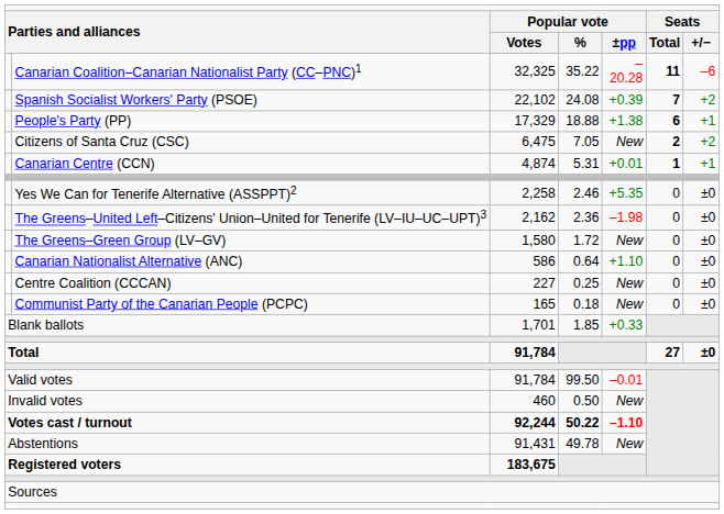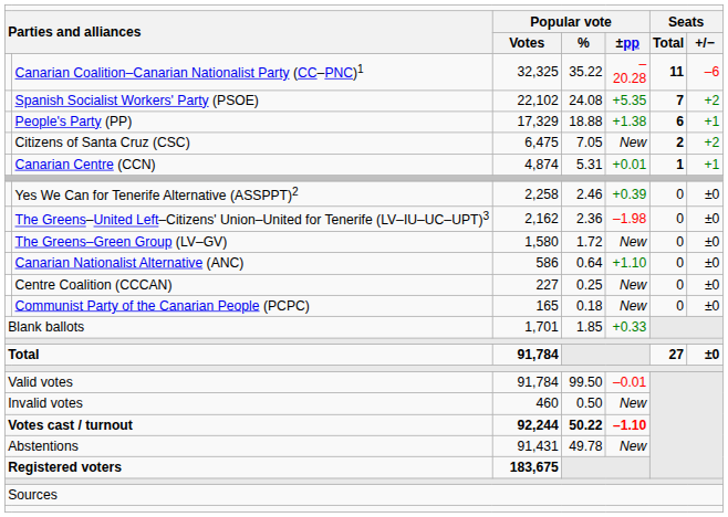 <table class="wikitable" style="text-align:right;">
 <tr>
 <td colspan="7"></td>
 </tr>
 <tr>
 <th style="text-align:left;" rowspan="2" colspan="2" width="525">Parties and alliances</th>
 <th colspan="3">Popular vote</th>
 <th colspan="2">Seats</th>
 </tr>
 <tr>
 <th width="75">Votes</th>
 <th width="45">%</th>
 <th width="45">±<a href='#'>pp</a></th>
 <th width="35">Total</th>
 <th width="35">+/−</th>
 </tr>
 <tr>
 <td width="1" style="color:inherit;background:"></td>
 <td align="left"><a href='#'>Canarian Coalition–Canarian Nationalist Party</a> (<a href='#'>CC</a>–<a href='#'>PNC</a>)<sup>1</sup></td>
 <td>32,325</td>
 <td>35.22</td>
 <td style="color:red;">–20.28</td>
 <td><strong>11</strong></td>
 <td style="color:red;">–6</td>
 </tr>
 <tr>
 <td style="color:inherit;background:"></td>
 <td align="left"><a href='#'>Spanish Socialist Workers' Party</a> (PSOE)</td>
 <td>22,102</td>
 <td>24.08</td>
-<td style="color:green;">+0.39</td>
+<td style="color:green;">+5.35</td>
 <td><strong>7</strong></td>
 <td style="color:green;">+2</td>
 </tr>
 <tr>
 <td style="color:inherit;background:"></td>
 <td align="left"><a href='#'>People's Party</a> (PP)</td>
 <td>17,329</td>
 <td>18.88</td>
 <td style="color:green;">+1.38</td>
 <td><strong>6</strong></td>
 <td style="color:green;">+1</td>
 </tr>
 <tr>
 <td style="color:inherit;background:"></td>
 <td align="left">Citizens of Santa Cruz (CSC)</td>
 <td>6,475</td>
 <td>7.05</td>
 <td><em>New</em></td>
 <td><strong>2</strong></td>
 <td style="color:green;">+2</td>
 </tr>
 <tr>
 <td style="color:inherit;background:"></td>
 <td align="left"><a href='#'>Canarian Centre</a> (CCN)</td>
 <td>4,874</td>
 <td>5.31</td>
 <td style="color:green;">+0.01</td>
 <td><strong>1</strong></td>
 <td style="color:green;">+1</td>
 </tr>
 <tr>
 <td colspan="7" style="color:inherit;background:#C0C0C0"></td>
 </tr>
 <tr>
 <td style="color:inherit;background:"></td>
 <td align="left">Yes We Can for Tenerife Alternative (ASSPPT)<sup>2</sup></td>
 <td>2,258</td>
 <td>2.46</td>
-<td style="color:green;">+5.35</td>
+<td style="color:green;">+0.39</td>
 <td>0</td>
 <td>±0</td>
 </tr>
 <tr>
 <td style="color:inherit;background:"></td>
 <td align="left"><a href='#'>The Greens</a>–<a href='#'>United Left</a>–Citizens' Union–United for Tenerife (LV–IU–UC–UPT)<sup>3</sup></td>
 <td>2,162</td>
 <td>2.36</td>
 <td style="color:red;">–1.98</td>
 <td>0</td>
 <td>±0</td>
 </tr>
 <tr>
 <td style="color:inherit;background:"></td>
 <td align="left"><a href='#'>The Greens–Green Group</a> (LV–GV)</td>
 <td>1,580</td>
 <td>1.72</td>
 <td><em>New</em></td>
 <td>0</td>
 <td>±0</td>
 </tr>
 <tr>
 <td style="color:inherit;background:"></td>
 <td align="left"><a href='#'>Canarian Nationalist Alternative</a> (ANC)</td>
 <td>586</td>
 <td>0.64</td>
 <td style="color:green;">+1.10</td>
 <td>0</td>
 <td>±0</td>
 </tr>
 <tr>
 <td bgcolor="white"></td>
 <td align="left">Centre Coalition (CCCAN)</td>
 <td>227</td>
 <td>0.25</td>
 <td><em>New</em></td>
 <td>0</td>
 <td>±0</td>
 </tr>
 <tr>
 <td style="color:inherit;background:"></td>
 <td align="left"><a href='#'>Communist Party of the Canarian People</a> (PCPC)</td>
 <td>165</td>
 <td>0.18</td>
 <td><em>New</em></td>
 <td>0</td>
 <td>±0</td>
 </tr>
 <tr>
 <td align="left" colspan="2">Blank ballots</td>
 <td>1,701</td>
 <td>1.85</td>
 <td style="color:green;">+0.33</td>
 <td style="color:inherit;background:#E9E9E9" colspan="2"></td>
 </tr>
 <tr>
 <td colspan="7" style="color:inherit;background:#E9E9E9"></td>
 </tr>
 <tr style="font-weight:bold;">
 <td align="left" colspan="2">Total</td>
 <td>91,784</td>
 <td bgcolor="#E9E9E9" colspan="2"></td>
 <td>27</td>
 <td>±0</td>
 </tr>
 <tr>
 <td colspan="7" style="color:inherit;background:#E9E9E9"></td>
 </tr>
 <tr>
 <td align="left" colspan="2">Valid votes</td>
 <td>91,784</td>
 <td>99.50</td>
 <td style="color:red;">–0.01</td>
 <td bgcolor="#E9E9E9" colspan="2" rowspan="5"></td>
 </tr>
 <tr>
 <td align="left" colspan="2">Invalid votes</td>
 <td>460</td>
 <td>0.50</td>
 <td><em>New</em></td>
 </tr>
 <tr style="font-weight:bold;">
 <td align="left" colspan="2">Votes cast / turnout</td>
 <td>92,244</td>
 <td>50.22</td>
 <td style="color:red;">–1.10</td>
 </tr>
 <tr>
 <td align="left" colspan="2">Abstentions</td>
 <td>91,431</td>
 <td>49.78</td>
 <td><em>New</em></td>
 </tr>
 <tr style="font-weight:bold;">
 <td align="left" colspan="2">Registered voters</td>
 <td>183,675</td>
 <td bgcolor="#E9E9E9" colspan="2"></td>
 </tr>
 <tr>
 <td colspan="7" style="color:inherit;background:#E9E9E9"></td>
 </tr>
 <tr>
 <td align="left" colspan="7">Sources</td>
 </tr>
 <tr>
 <td colspan="7" style="text-align:left; max-width:790px;"></td>
 </tr>
 </table>
